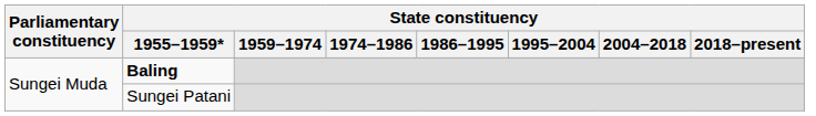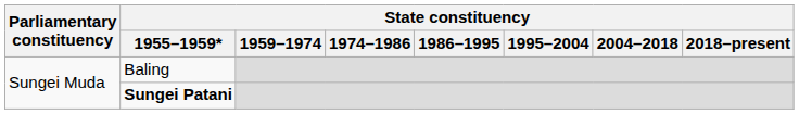 <table class="wikitable">
 <tr>
 <th rowspan="2">Parliamentary<br>constituency</th>
 <th colspan="7">State constituency</th>
 </tr>
 <tr>
 <th>1955–1959*</th>
 <th>1959–1974</th>
 <th>1974–1986</th>
 <th>1986–1995</th>
 <th>1995–2004</th>
 <th>2004–2018</th>
 <th>2018–present</th>
 </tr>
 <tr>
 <td rowspan="2">Sungei Muda</td>
-<td><strong>Baling</strong></td>
+<td>Baling</td>
 <td colspan="6" bgcolor="dcdcdc"></td>
 </tr>
 <tr>
-<td>Sungei Patani</td>
+<td><strong>Sungei Patani</strong></td>
 <td colspan="6" bgcolor="dcdcdc"></td>
 </tr>
 </table>
